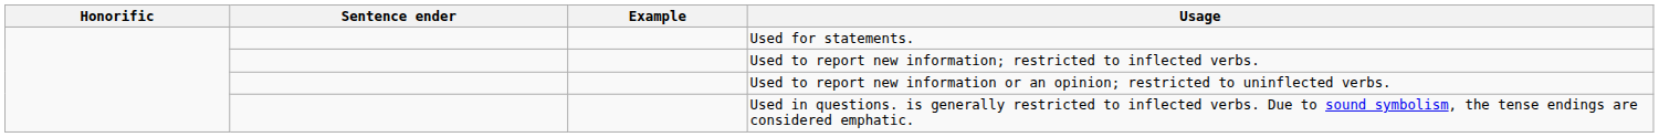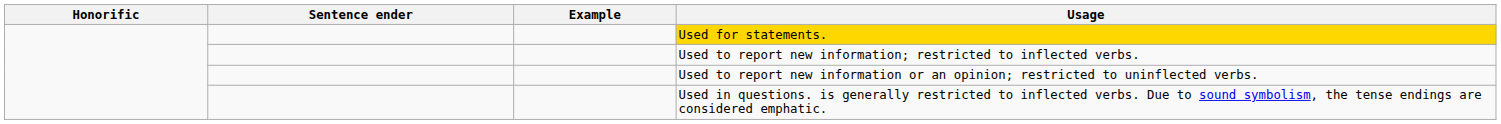 <table class="wikitable">
 <tr>
 <th>Honorific</th>
 <th>Sentence ender</th>
 <th>Example</th>
 <th width="55%">Usage</th>
 </tr>
 <tr>
 <td rowspan="5"> </td>
 <td> </td>
 <td></td>
-<td>Used for statements.</td>
+<td style="background: gold;">Used for statements.</td>
 </tr>
 <tr>
 <td> <br> </td>
 <td></td>
 <td>Used to report new information; restricted to inflected verbs.</td>
 </tr>
 <tr>
 <td> </td>
 <td></td>
 <td>Used to report new information or an opinion; restricted to uninflected verbs.</td>
 </tr>
 <tr>
 <td> <br> <br> </td>
 <td></td>
 <td>Used in questions.  is generally restricted to inflected verbs. Due to <a href='#'>sound symbolism</a>, the tense endings are considered emphatic.</td>
 </tr>
 </table>
